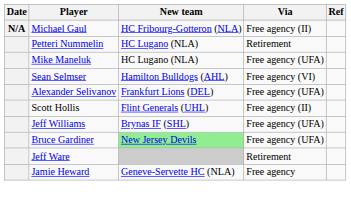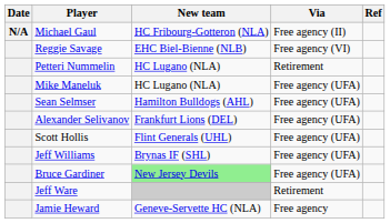 <table class="wikitable plainrowheaders">
 <tr style="background:#ddd; text-align:center;">
 <th>Date</th>
 <th>Player</th>
 <th>New team</th>
 <th>Via</th>
 <th>Ref</th>
 </tr>
 <tr>
 <th scope="row">N/A</th>
 <td><a href='#'>Michael Gaul</a></td>
 <td><a href='#'>HC Fribourg-Gotteron</a> (<a href='#'>NLA</a>)</td>
 <td>Free agency (II)</td>
+<td></td>
+</tr>
+<tr>
+<th scope="row"></th>
+<td><a href='#'>Reggie Savage</a></td>
+<td><a href='#'>EHC Biel-Bienne</a> (<a href='#'>NLB</a>)</td>
+<td>Free agency (VI)</td>
 <td></td>
 </tr>
 <tr>
 <th scope="row"></th>
 <td><a href='#'>Petteri Nummelin</a></td>
 <td><a href='#'>HC Lugano</a> (NLA)</td>
 <td>Retirement</td>
 <td></td>
 </tr>
 <tr>
 <th scope="row"></th>
 <td><a href='#'>Mike Maneluk</a></td>
 <td>HC Lugano (NLA)</td>
 <td>Free agency (UFA)</td>
 <td></td>
 </tr>
 <tr>
 <th scope="row"></th>
 <td><a href='#'>Sean Selmser</a></td>
 <td><a href='#'>Hamilton Bulldogs</a> (<a href='#'>AHL</a>)</td>
-<td>Free agency (VI)</td>
+<td>Free agency (UFA)</td>
 <td></td>
 </tr>
 <tr>
 <th scope="row"></th>
 <td><a href='#'>Alexander Selivanov</a></td>
 <td><a href='#'>Frankfurt Lions</a> (<a href='#'>DEL</a>)</td>
 <td>Free agency (UFA)</td>
 <td></td>
 </tr>
 <tr>
 <th scope="row"></th>
 <td>Scott Hollis</td>
 <td><a href='#'>Flint Generals</a> (<a href='#'>UHL</a>)</td>
-<td>Free agency (II)</td>
+<td>Free agency (UFA)</td>
 <td></td>
 </tr>
 <tr>
 <th scope="row"></th>
 <td><a href='#'>Jeff Williams</a></td>
 <td><a href='#'>Brynas IF</a> (<a href='#'>SHL</a>)</td>
 <td>Free agency (UFA)</td>
 <td></td>
 </tr>
 <tr>
 <th scope="row"></th>
 <td><a href='#'>Bruce Gardiner</a></td>
 <td style="background: lightgreen;"><a href='#'>New Jersey Devils</a></td>
 <td>Free agency (UFA)</td>
 <td></td>
 </tr>
 <tr>
 <th scope="row"></th>
 <td><a href='#'>Jeff Ware</a></td>
 <td style="background:#ccc"></td>
 <td>Retirement</td>
 <td></td>
 </tr>
 <tr>
 <th scope="row"></th>
 <td><a href='#'>Jamie Heward</a></td>
 <td><a href='#'>Geneve-Servette HC</a> (NLA)</td>
 <td>Free agency</td>
 <td></td>
 </tr>
 </table>
